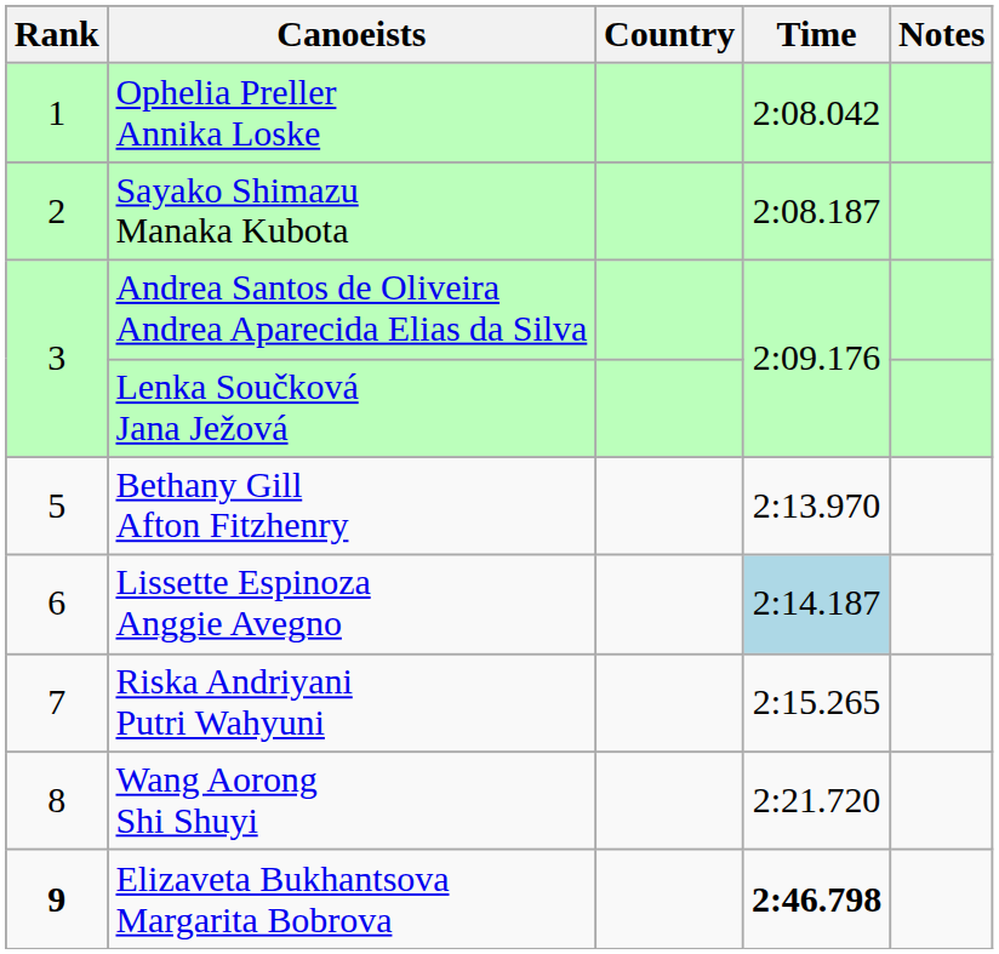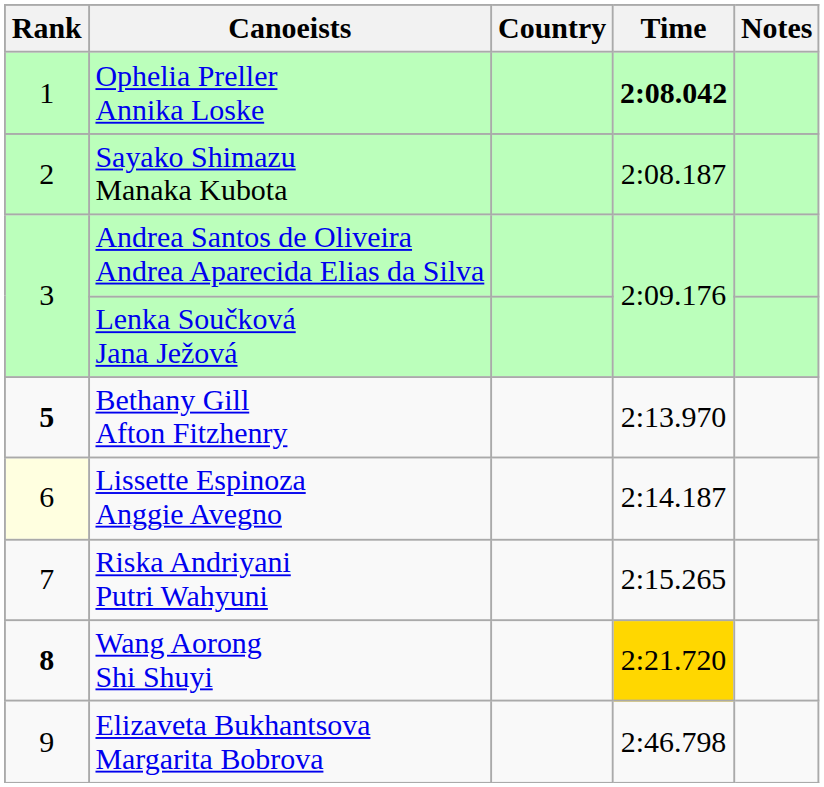 <table class="wikitable" style="text-align:center">
 <tr>
 <th>Rank</th>
 <th>Canoeists</th>
 <th>Country</th>
 <th>Time</th>
 <th>Notes</th>
 </tr>
 <tr bgcolor=bbffbb>
 <td>1</td>
 <td align="left"><a href='#'>Ophelia Preller</a><br><a href='#'>Annika Loske</a></td>
 <td align="left"></td>
-<td>2:08.042</td>
+<td><strong>2:08.042</strong></td>
 <td></td>
 </tr>
 <tr bgcolor=bbffbb>
 <td>2</td>
 <td align="left"><a href='#'>Sayako Shimazu</a><br>Manaka Kubota</td>
 <td align="left"></td>
 <td>2:08.187</td>
 <td></td>
 </tr>
 <tr bgcolor=bbffbb>
 <td rowspan=2>3</td>
 <td align="left"><a href='#'>Andrea Santos de Oliveira</a><br><a href='#'>Andrea Aparecida Elias da Silva</a></td>
 <td align="left"></td>
 <td rowspan=2>2:09.176</td>
 <td></td>
 </tr>
 <tr bgcolor=bbffbb>
 <td align="left"><a href='#'>Lenka Součková</a><br><a href='#'>Jana Ježová</a></td>
 <td align="left"></td>
 <td></td>
 </tr>
 <tr>
-<td>5</td>
+<td><strong>5</strong></td>
 <td align="left"><a href='#'>Bethany Gill</a><br><a href='#'>Afton Fitzhenry</a></td>
 <td align="left"></td>
 <td>2:13.970</td>
 <td></td>
 </tr>
 <tr>
-<td>6</td>
+<td style="background: lightyellow;">6</td>
 <td align="left"><a href='#'>Lissette Espinoza</a><br><a href='#'>Anggie Avegno</a></td>
 <td align="left"></td>
-<td style="background: lightblue;">2:14.187</td>
+<td>2:14.187</td>
 <td></td>
 </tr>
 <tr>
 <td>7</td>
 <td align="left"><a href='#'>Riska Andriyani</a><br><a href='#'>Putri Wahyuni</a></td>
 <td align="left"></td>
 <td>2:15.265</td>
 <td></td>
 </tr>
 <tr>
-<td>8</td>
+<td><strong>8</strong></td>
 <td align="left"><a href='#'>Wang Aorong</a><br><a href='#'>Shi Shuyi</a></td>
 <td align="left"></td>
-<td>2:21.720</td>
+<td style="background: gold;">2:21.720</td>
 <td></td>
 </tr>
 <tr>
-<td><strong>9</strong></td>
+<td>9</td>
 <td align="left"><a href='#'>Elizaveta Bukhantsova</a><br><a href='#'>Margarita Bobrova</a></td>
 <td align="left"></td>
-<td><strong>2:46.798</strong></td>
+<td>2:46.798</td>
 <td></td>
 </tr>
 </table>
